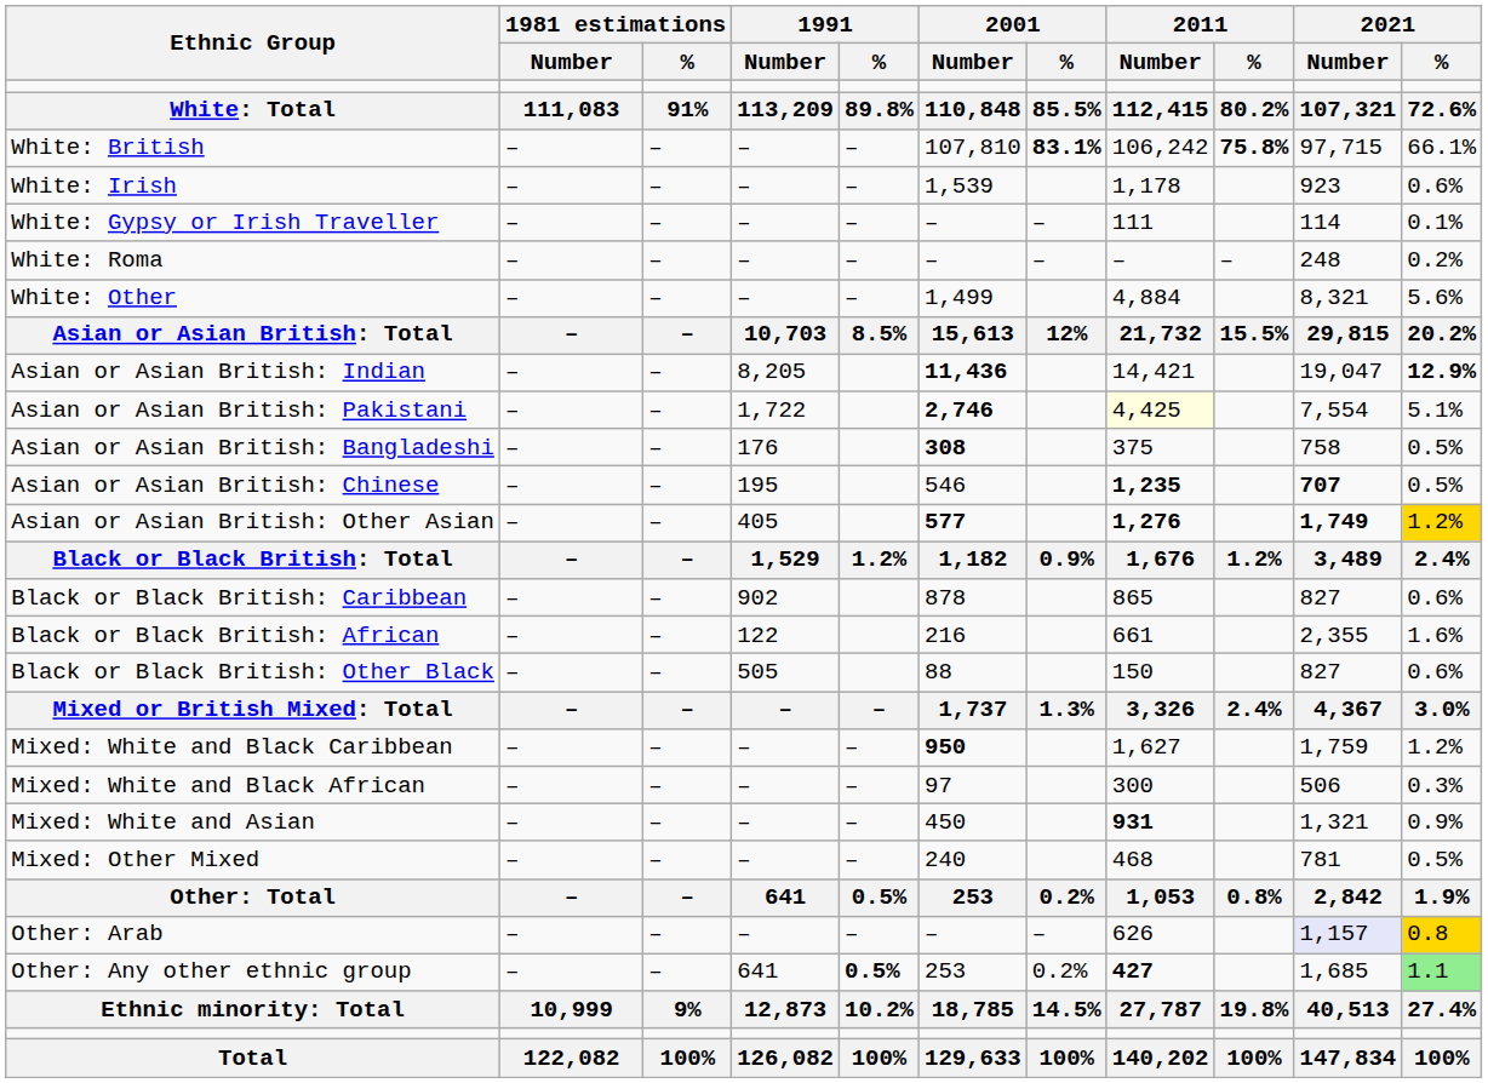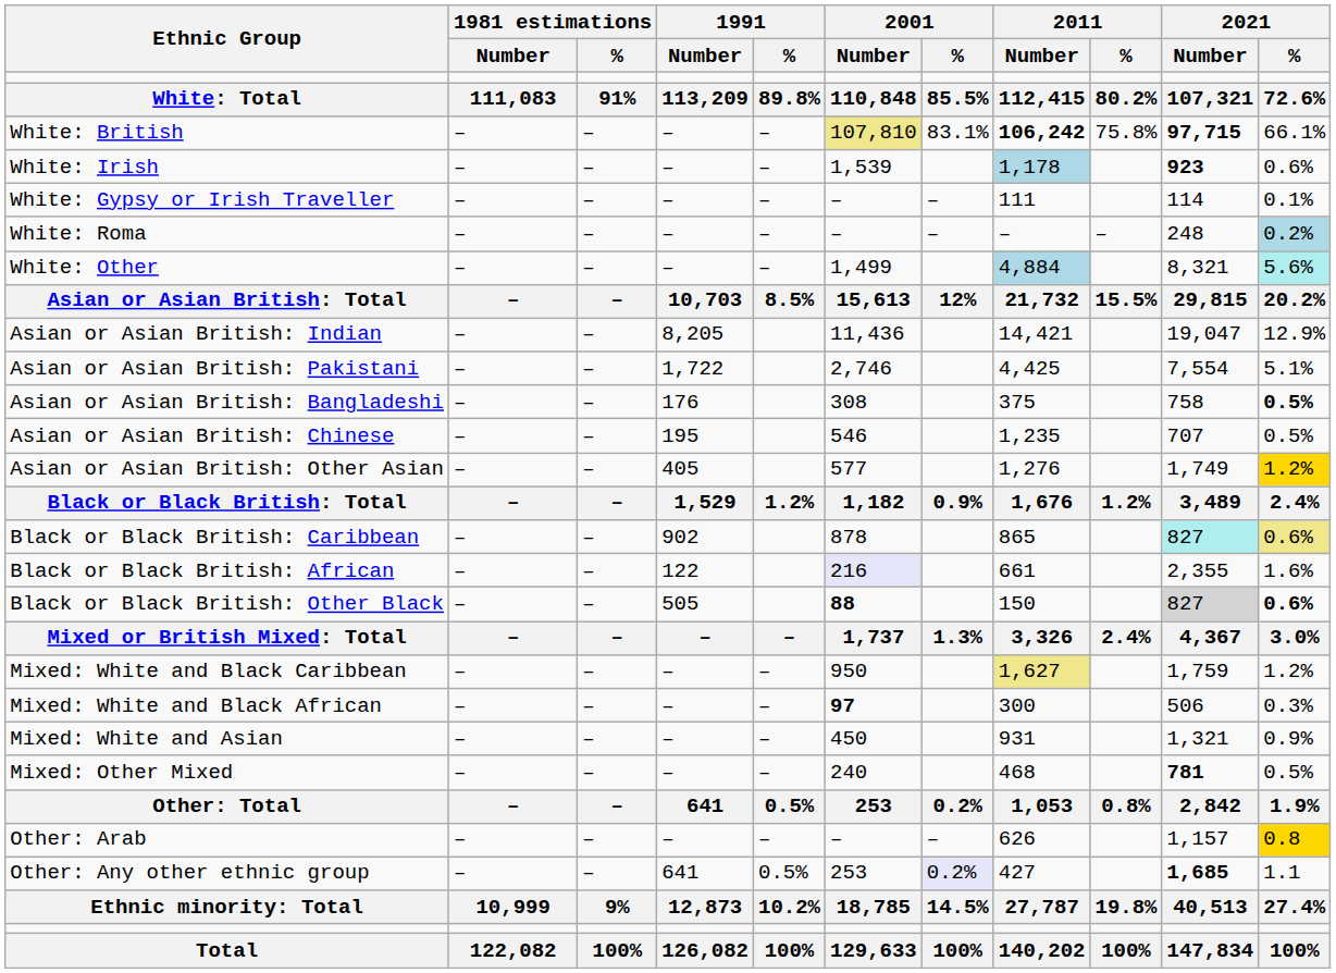 <table class="wikitable sortable mw-collapsible mw-collapsed">
 <tr>
 <th rowspan="2">Ethnic Group</th>
 <th colspan="2">1981 estimations</th>
 <th colspan="2">1991</th>
 <th colspan="2">2001</th>
 <th colspan="2">2011</th>
 <th colspan="2">2021</th>
 </tr>
 <tr>
 <th>Number</th>
 <th>%</th>
 <th>Number</th>
 <th>%</th>
 <th>Number</th>
 <th>%</th>
 <th>Number</th>
 <th>%</th>
 <th>Number</th>
 <th>%</th>
 </tr>
 <tr>
 <td></td>
 <td></td>
 <td></td>
 <td></td>
 <td></td>
 <td></td>
 <td></td>
 <td></td>
 <td></td>
 <td></td>
 <td></td>
 </tr>
 <tr>
 <th><a href='#'>White</a>: Total</th>
 <th>111,083</th>
 <th>91%</th>
 <th>113,209</th>
 <th>89.8%</th>
 <th>110,848</th>
 <th>85.5%</th>
 <th>112,415</th>
 <th>80.2%</th>
 <th>107,321</th>
 <th>72.6%</th>
 </tr>
 <tr>
 <td>White: <a href='#'>British</a></td>
 <td>–</td>
 <td>–</td>
 <td>–</td>
 <td>–</td>
-<td>107,810</td>
-<td><strong>83.1%</strong></td>
-<td>106,242</td>
-<td><strong>75.8%</strong></td>
-<td>97,715</td>
+<td style="background: khaki;">107,810</td>
+<td>83.1%</td>
+<td><strong>106,242</strong></td>
+<td>75.8%</td>
+<td><strong>97,715</strong></td>
 <td>66.1%</td>
 </tr>
 <tr>
 <td>White: <a href='#'>Irish</a></td>
 <td>–</td>
 <td>–</td>
 <td>–</td>
 <td>–</td>
 <td>1,539</td>
 <td></td>
-<td>1,178</td>
+<td style="background: lightblue;">1,178</td>
 <td></td>
-<td>923</td>
+<td><strong>923</strong></td>
 <td>0.6%</td>
 </tr>
 <tr>
 <td>White: <a href='#'>Gypsy or Irish Traveller</a></td>
 <td>–</td>
 <td>–</td>
 <td>–</td>
 <td>–</td>
 <td>–</td>
 <td>–</td>
 <td>111</td>
 <td></td>
 <td>114</td>
 <td>0.1%</td>
 </tr>
 <tr>
 <td>White: Roma</td>
 <td>–</td>
 <td>–</td>
 <td>–</td>
 <td>–</td>
 <td>–</td>
 <td>–</td>
 <td>–</td>
 <td>–</td>
 <td>248</td>
-<td>0.2%</td>
+<td style="background: lightblue;">0.2%</td>
 </tr>
 <tr>
 <td>White: <a href='#'>Other</a></td>
 <td>–</td>
 <td>–</td>
 <td>–</td>
 <td>–</td>
 <td>1,499</td>
 <td></td>
-<td>4,884</td>
+<td style="background: lightblue;">4,884</td>
 <td></td>
 <td>8,321</td>
-<td>5.6%</td>
+<td style="background: paleturquoise;">5.6%</td>
 </tr>
 <tr>
 <th><a href='#'>Asian or Asian British</a>: Total</th>
 <th>–</th>
 <th>–</th>
 <th>10,703</th>
 <th>8.5%</th>
 <th>15,613</th>
 <th>12%</th>
 <th>21,732</th>
 <th>15.5%</th>
 <th>29,815</th>
 <th>20.2%</th>
 </tr>
 <tr>
 <td>Asian or Asian British: <a href='#'>Indian</a></td>
 <td>–</td>
 <td>–</td>
 <td>8,205</td>
 <td></td>
-<td><strong>11,436</strong></td>
+<td>11,436</td>
 <td></td>
 <td>14,421</td>
 <td></td>
 <td>19,047</td>
-<td><strong>12.9%</strong></td>
+<td>12.9%</td>
 </tr>
 <tr>
 <td>Asian or Asian British: <a href='#'>Pakistani</a></td>
 <td>–</td>
 <td>–</td>
 <td>1,722</td>
 <td></td>
-<td><strong>2,746</strong></td>
+<td>2,746</td>
 <td></td>
-<td style="background: lightyellow;">4,425</td>
+<td>4,425</td>
 <td></td>
 <td>7,554</td>
 <td>5.1%</td>
 </tr>
 <tr>
 <td>Asian or Asian British: <a href='#'>Bangladeshi</a></td>
 <td>–</td>
 <td>–</td>
 <td>176</td>
 <td></td>
-<td><strong>308</strong></td>
+<td>308</td>
 <td></td>
 <td>375</td>
 <td></td>
 <td>758</td>
-<td>0.5%</td>
+<td><strong>0.5%</strong></td>
 </tr>
 <tr>
 <td>Asian or Asian British: <a href='#'>Chinese</a></td>
 <td>–</td>
 <td>–</td>
 <td>195</td>
 <td></td>
 <td>546</td>
 <td></td>
-<td><strong>1,235</strong></td>
+<td>1,235</td>
 <td></td>
-<td><strong>707</strong></td>
+<td>707</td>
 <td>0.5%</td>
 </tr>
 <tr>
 <td>Asian or Asian British: Other Asian</td>
 <td>–</td>
 <td>–</td>
 <td>405</td>
 <td></td>
-<td><strong>577</strong></td>
+<td>577</td>
 <td></td>
-<td><strong>1,276</strong></td>
+<td>1,276</td>
 <td></td>
-<td><strong>1,749</strong></td>
+<td>1,749</td>
 <td style="background: gold;">1.2%</td>
 </tr>
 <tr>
 <th><a href='#'>Black or Black British</a>: Total</th>
 <th>–</th>
 <th>–</th>
 <th>1,529</th>
 <th>1.2%</th>
 <th>1,182</th>
 <th>0.9%</th>
 <th>1,676</th>
 <th>1.2%</th>
 <th>3,489</th>
 <th>2.4%</th>
 </tr>
 <tr>
 <td>Black or Black British: <a href='#'>Caribbean</a></td>
 <td>–</td>
 <td>–</td>
 <td>902</td>
 <td></td>
 <td>878</td>
 <td></td>
 <td>865</td>
 <td></td>
-<td>827</td>
-<td>0.6%</td>
+<td style="background: paleturquoise;">827</td>
+<td style="background: khaki;">0.6%</td>
 </tr>
 <tr>
 <td>Black or Black British: <a href='#'>African</a></td>
 <td>–</td>
 <td>–</td>
 <td>122</td>
 <td></td>
-<td>216</td>
+<td style="background: lavender;">216</td>
 <td></td>
 <td>661</td>
 <td></td>
 <td>2,355</td>
 <td>1.6%</td>
 </tr>
 <tr>
 <td>Black or Black British: <a href='#'>Other Black</a></td>
 <td>–</td>
 <td>–</td>
 <td>505</td>
 <td></td>
-<td>88</td>
+<td><strong>88</strong></td>
 <td></td>
 <td>150</td>
 <td></td>
-<td>827</td>
-<td>0.6%</td>
+<td style="background: lightgrey;">827</td>
+<td><strong>0.6%</strong></td>
 </tr>
 <tr>
 <th><a href='#'>Mixed or British Mixed</a>: Total</th>
 <th>–</th>
 <th>–</th>
 <th>–</th>
 <th>–</th>
 <th>1,737</th>
 <th>1.3%</th>
 <th>3,326</th>
 <th>2.4%</th>
 <th>4,367</th>
 <th>3.0%</th>
 </tr>
 <tr>
 <td>Mixed: White and Black Caribbean</td>
 <td>–</td>
 <td>–</td>
 <td>–</td>
 <td>–</td>
-<td><strong>950</strong></td>
+<td>950</td>
 <td></td>
-<td>1,627</td>
+<td style="background: khaki;">1,627</td>
 <td></td>
 <td>1,759</td>
 <td>1.2%</td>
 </tr>
 <tr>
 <td>Mixed: White and Black African</td>
 <td>–</td>
 <td>–</td>
 <td>–</td>
 <td>–</td>
-<td>97</td>
+<td><strong>97</strong></td>
 <td></td>
 <td>300</td>
 <td></td>
 <td>506</td>
 <td>0.3%</td>
 </tr>
 <tr>
 <td>Mixed: White and Asian</td>
 <td>–</td>
 <td>–</td>
 <td>–</td>
 <td>–</td>
 <td>450</td>
 <td></td>
-<td><strong>931</strong></td>
+<td>931</td>
 <td></td>
 <td>1,321</td>
 <td>0.9%</td>
 </tr>
 <tr>
 <td>Mixed: Other Mixed</td>
 <td>–</td>
 <td>–</td>
 <td>–</td>
 <td>–</td>
 <td>240</td>
 <td></td>
 <td>468</td>
 <td></td>
-<td>781</td>
+<td><strong>781</strong></td>
 <td>0.5%</td>
 </tr>
 <tr>
 <th>Other: Total</th>
 <th>–</th>
 <th>–</th>
 <th>641</th>
 <th>0.5%</th>
 <th>253</th>
 <th>0.2%</th>
 <th>1,053</th>
 <th>0.8%</th>
 <th>2,842</th>
 <th>1.9%</th>
 </tr>
 <tr>
 <td>Other: Arab</td>
 <td>–</td>
 <td>–</td>
 <td>–</td>
 <td>–</td>
 <td>–</td>
 <td>–</td>
 <td>626</td>
 <td></td>
-<td style="background: lavender;">1,157</td>
+<td>1,157</td>
 <td style="background: gold;">0.8</td>
 </tr>
 <tr>
 <td>Other: Any other ethnic group</td>
 <td>–</td>
 <td>–</td>
 <td>641</td>
-<td><strong>0.5%</strong></td>
+<td>0.5%</td>
 <td>253</td>
-<td>0.2%</td>
-<td><strong>427</strong></td>
+<td style="background: lavender;">0.2%</td>
+<td>427</td>
 <td></td>
-<td>1,685</td>
-<td style="background: lightgreen;">1.1</td>
+<td><strong>1,685</strong></td>
+<td>1.1</td>
 </tr>
 <tr>
 <th>Ethnic minority: Total</th>
 <th>10,999</th>
 <th>9%</th>
 <th>12,873</th>
 <th>10.2%</th>
 <th>18,785</th>
 <th>14.5%</th>
 <th>27,787</th>
 <th>19.8%</th>
 <th>40,513</th>
 <th>27.4%</th>
 </tr>
 <tr>
 <td></td>
 <td></td>
 <td></td>
 <td></td>
 <td></td>
 <td></td>
 <td></td>
 <td></td>
 <td></td>
 <td></td>
 <td></td>
 </tr>
 <tr>
 <th>Total</th>
 <th>122,082</th>
 <th>100%</th>
 <th>126,082</th>
 <th>100%</th>
 <th>129,633</th>
 <th>100%</th>
 <th>140,202</th>
 <th>100%</th>
 <th>147,834</th>
 <th>100%</th>
 </tr>
 </table>
